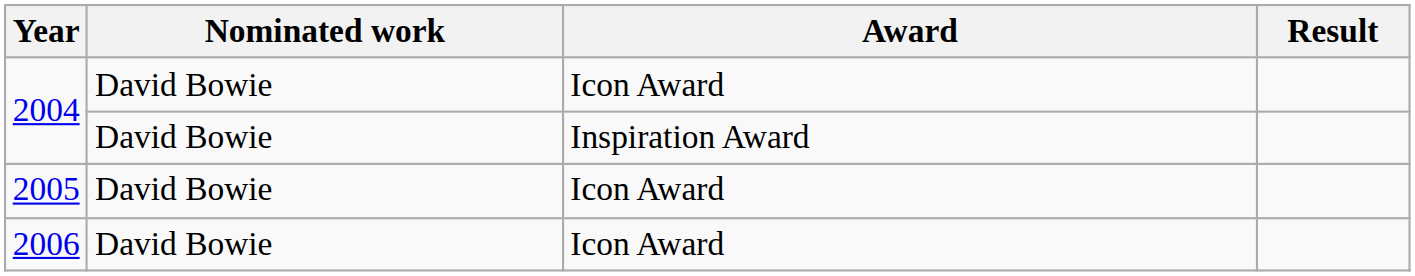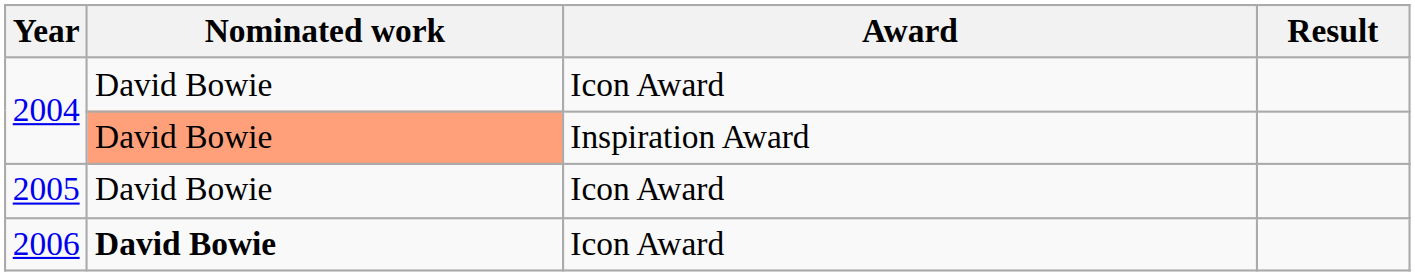 <table class="wikitable">
 <tr>
 <th>Year</th>
 <th style="width:220px;">Nominated work</th>
 <th style="width:325px;">Award</th>
 <th width="65">Result</th>
 </tr>
 <tr>
 <td rowspan="2"><a href='#'>2004</a></td>
 <td>David Bowie</td>
 <td>Icon Award</td>
 <td></td>
 </tr>
 <tr>
-<td>David Bowie</td>
+<td style="background: lightsalmon;">David Bowie</td>
 <td>Inspiration Award</td>
 <td></td>
 </tr>
 <tr>
 <td><a href='#'>2005</a></td>
 <td>David Bowie</td>
 <td>Icon Award</td>
 <td></td>
 </tr>
 <tr>
 <td><a href='#'>2006</a></td>
-<td>David Bowie</td>
+<td><strong>David Bowie</strong></td>
 <td>Icon Award</td>
 <td></td>
 </tr>
 </table>
